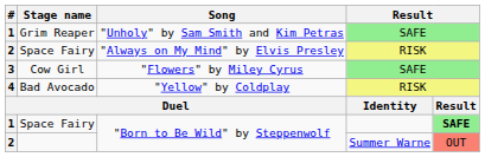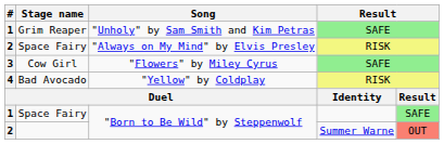 <table class="wikitable plainrowheaders" style="text-align: center;">
 <tr>
 <th>#</th>
 <th>Stage name</th>
 <th>Song</th>
 <th colspan="2">Result</th>
 </tr>
 <tr>
 <th>1</th>
 <td>Grim Reaper</td>
 <td>"<a href='#'>Unholy</a>" by <a href='#'>Sam Smith</a> and <a href='#'>Kim Petras</a></td>
 <td colspan="2" bgcolor=lightgreen>SAFE</td>
 </tr>
 <tr>
 <th>2</th>
 <td>Space Fairy</td>
 <td>"<a href='#'>Always on My Mind</a>" by <a href='#'>Elvis Presley</a></td>
 <td colspan="2" bgcolor="F3F781">RISK</td>
 </tr>
 <tr>
 <th>3</th>
 <td>Cow Girl</td>
 <td>"<a href='#'>Flowers</a>" by <a href='#'>Miley Cyrus</a></td>
 <td colspan="2" bgcolor=lightgreen>SAFE</td>
 </tr>
 <tr>
 <th>4</th>
 <td>Bad Avocado</td>
 <td>"<a href='#'>Yellow</a>" by <a href='#'>Coldplay</a></td>
 <td colspan="2" bgcolor="F3F781">RISK</td>
 </tr>
 <tr>
 <th colspan="3">Duel</th>
 <th>Identity</th>
 <th>Result</th>
 </tr>
 <tr>
 <th>1</th>
 <td>Space Fairy</td>
 <td rowspan="2">"<a href='#'>Born to Be Wild</a>" by <a href='#'>Steppenwolf</a></td>
 <td></td>
-<td bgcolor=lightgreen><strong>SAFE</strong></td>
+<td bgcolor=lightgreen>SAFE</td>
 </tr>
 <tr>
 <th>2</th>
 <td></td>
 <td><a href='#'>Summer Warne</a></td>
 <td bgcolor=salmon>OUT</td>
 </tr>
 </table>
